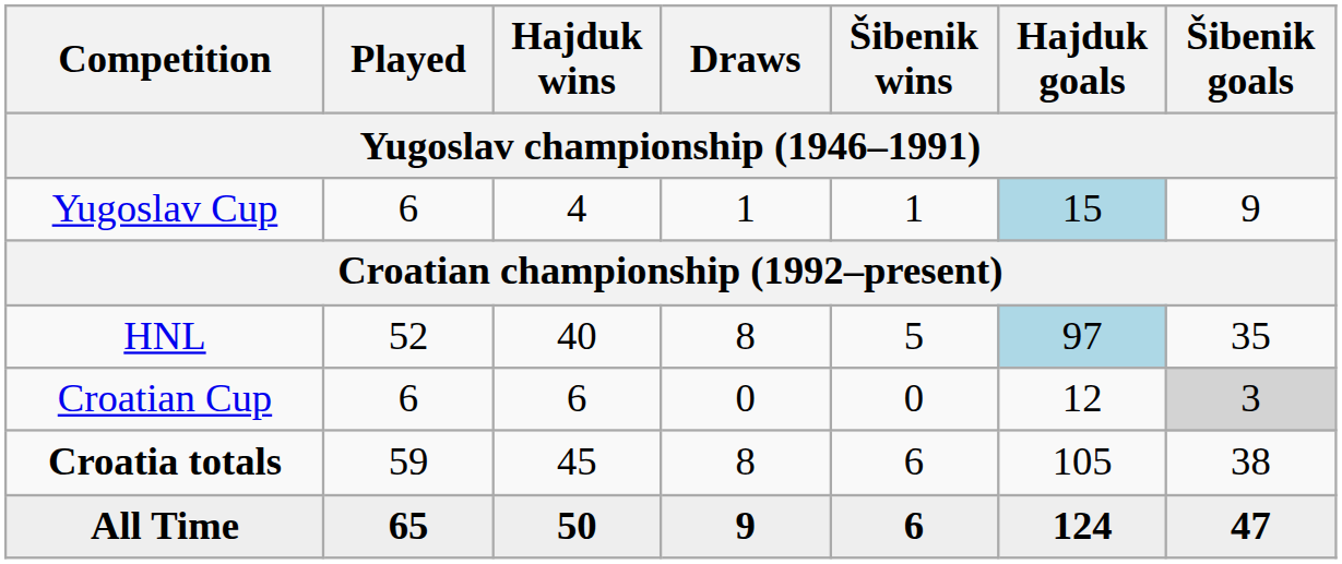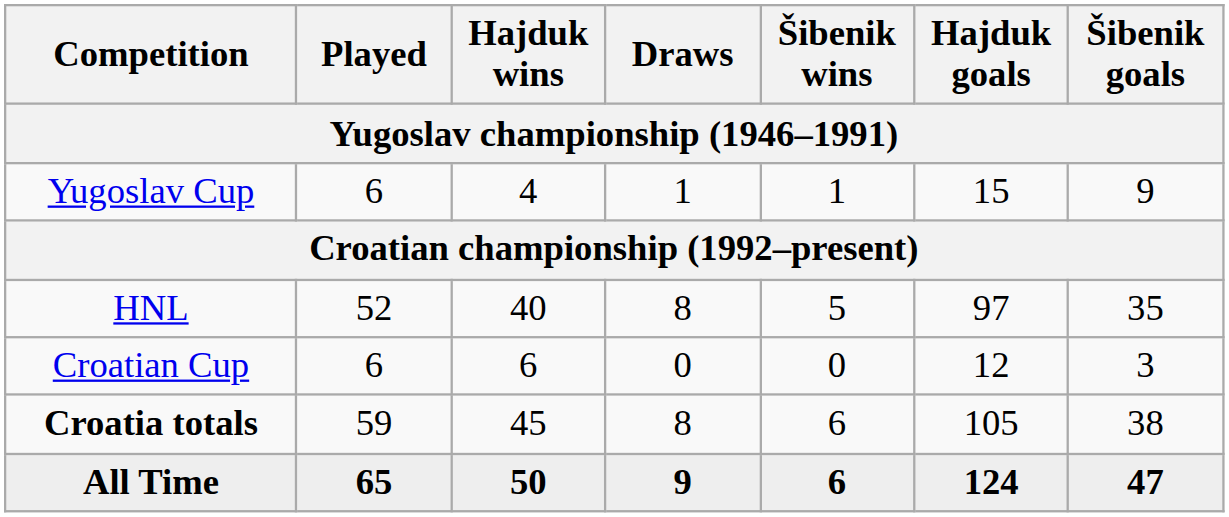 <table class="wikitable" style="text-align: center">
 <tr>
 <th width="120">Competition</th>
 <th width="60">Played</th>
 <th width="60">Hajduk wins</th>
 <th width="60">Draws</th>
 <th width="60">Šibenik wins</th>
 <th width="60">Hajduk goals</th>
 <th width="60">Šibenik goals</th>
 </tr>
 <tr>
 <th colspan="7">Yugoslav championship (1946–1991)</th>
 </tr>
 <tr>
 <td><a href='#'>Yugoslav Cup</a></td>
 <td>6</td>
 <td>4</td>
 <td>1</td>
 <td>1</td>
-<td style="background: lightblue;">15</td>
+<td>15</td>
 <td>9</td>
 </tr>
 <tr>
 <th colspan="7">Croatian championship (1992–present)</th>
 </tr>
 <tr>
 <td><a href='#'>HNL</a></td>
 <td>52</td>
 <td>40</td>
 <td>8</td>
 <td>5</td>
-<td style="background: lightblue;">97</td>
+<td>97</td>
 <td>35</td>
 </tr>
 <tr>
 <td><a href='#'>Croatian Cup</a></td>
 <td>6</td>
 <td>6</td>
 <td>0</td>
 <td>0</td>
 <td>12</td>
-<td style="background: lightgrey;">3</td>
+<td>3</td>
 </tr>
 <tr>
 <td><strong>Croatia totals</strong></td>
 <td>59</td>
 <td>45</td>
 <td>8</td>
 <td>6</td>
 <td>105</td>
 <td>38</td>
 </tr>
 <tr bgcolor=#EEEEEE>
 <td><strong>All Time</strong></td>
 <td><strong>65</strong></td>
 <td><strong>50</strong></td>
 <td><strong>9</strong></td>
 <td><strong>6</strong></td>
 <td><strong>124</strong></td>
 <td><strong>47</strong></td>
 </tr>
 </table>
